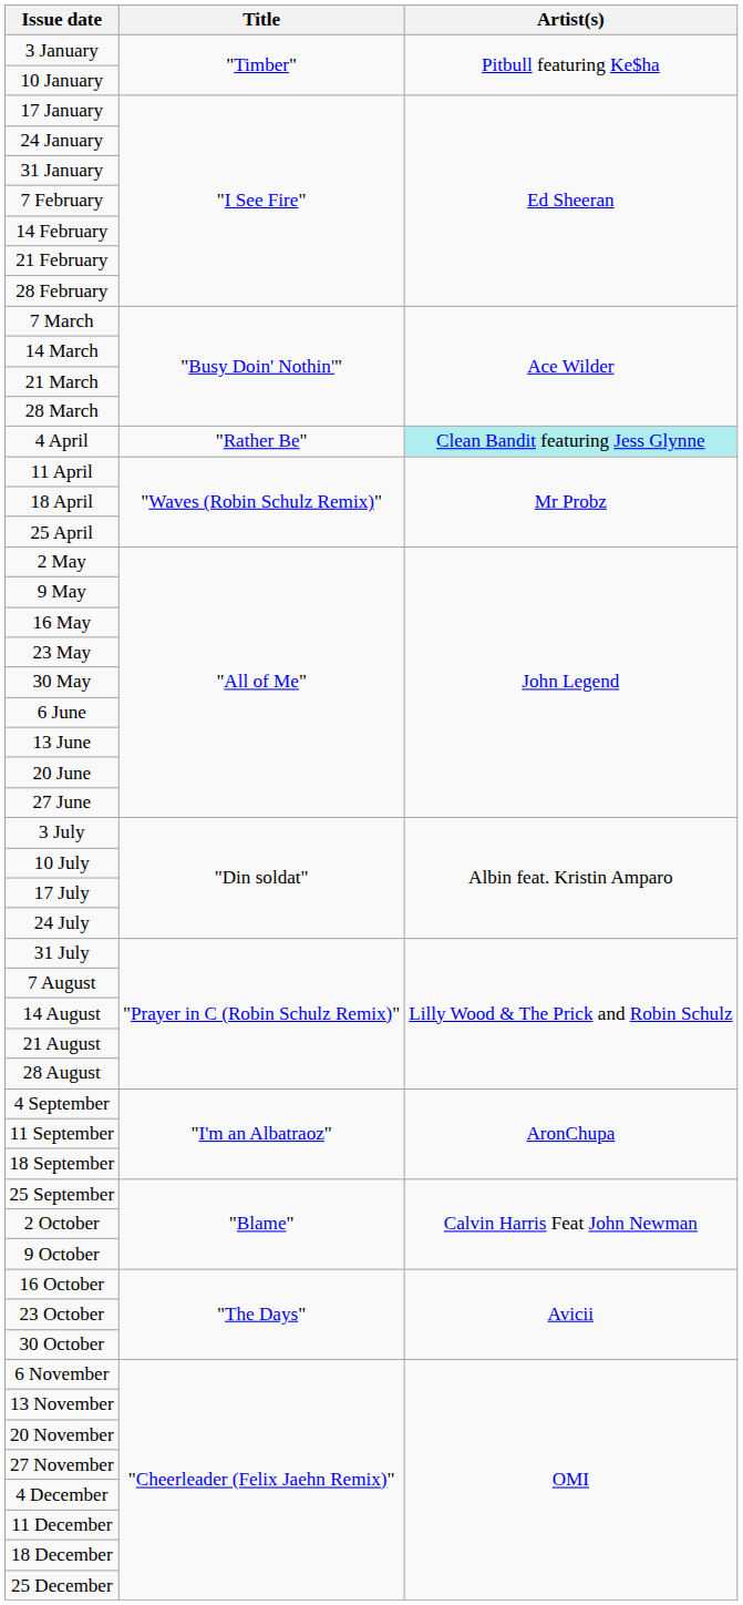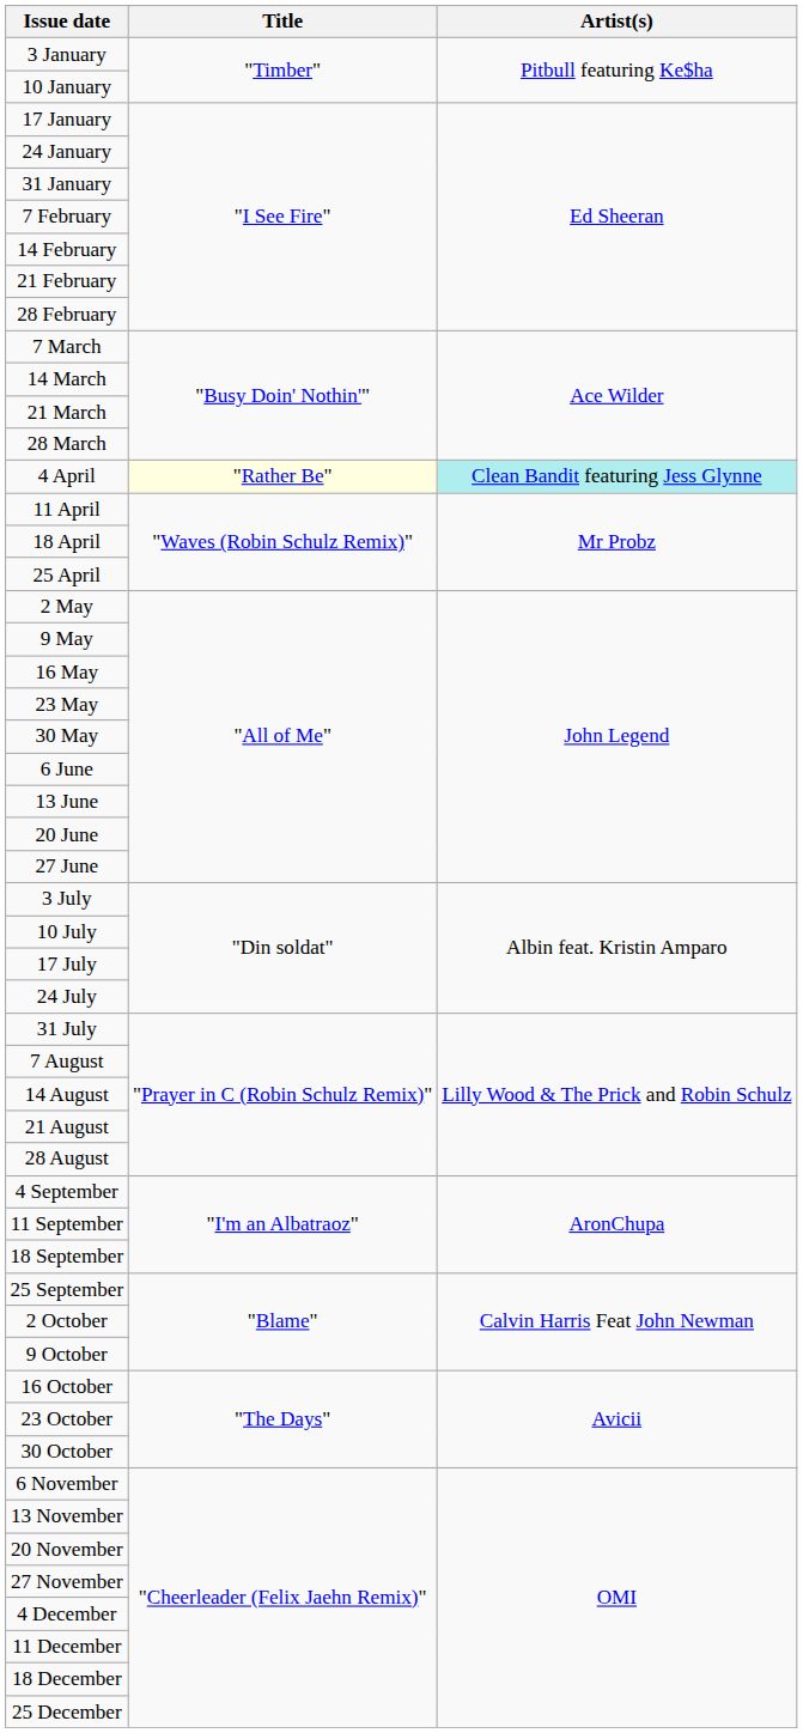 <table class="wikitable" style="text-align:center;">
 <tr>
 <th>Issue date</th>
 <th>Title</th>
 <th>Artist(s)</th>
 </tr>
 <tr>
 <td>3 January</td>
 <td rowspan='2'>"<a href='#'>Timber</a>"</td>
 <td rowspan='2'><a href='#'>Pitbull</a> featuring <a href='#'>Ke$ha</a></td>
 </tr>
 <tr>
 <td>10 January</td>
 </tr>
 <tr>
 <td>17 January</td>
 <td rowspan='7'>"<a href='#'>I See Fire</a>"</td>
 <td rowspan='7'><a href='#'>Ed Sheeran</a></td>
 </tr>
 <tr>
 <td>24 January</td>
 </tr>
 <tr>
 <td>31 January</td>
 </tr>
 <tr>
 <td>7 February</td>
 </tr>
 <tr>
 <td>14 February</td>
 </tr>
 <tr>
 <td>21 February</td>
 </tr>
 <tr>
 <td>28 February</td>
 </tr>
 <tr>
 <td>7 March</td>
 <td rowspan='4'>"<a href='#'>Busy Doin' Nothin'</a>"</td>
 <td rowspan='4'><a href='#'>Ace Wilder</a></td>
 </tr>
 <tr>
 <td>14 March</td>
 </tr>
 <tr>
 <td>21 March</td>
 </tr>
 <tr>
 <td>28 March</td>
 </tr>
 <tr>
 <td>4 April</td>
-<td>"<a href='#'>Rather Be</a>"</td>
+<td style="background: lightyellow;">"<a href='#'>Rather Be</a>"</td>
 <td style="background: paleturquoise;"><a href='#'>Clean Bandit</a> featuring <a href='#'>Jess Glynne</a></td>
 </tr>
 <tr>
 <td>11 April</td>
 <td rowspan='3'>"<a href='#'>Waves (Robin Schulz Remix)</a>"</td>
 <td rowspan='3'><a href='#'>Mr Probz</a></td>
 </tr>
 <tr>
 <td>18 April</td>
 </tr>
 <tr>
 <td>25 April</td>
 </tr>
 <tr>
 <td>2 May</td>
 <td rowspan='9'>"<a href='#'>All of Me</a>"</td>
 <td rowspan='9'><a href='#'>John Legend</a></td>
 </tr>
 <tr>
 <td>9 May</td>
 </tr>
 <tr>
 <td>16 May</td>
 </tr>
 <tr>
 <td>23 May</td>
 </tr>
 <tr>
 <td>30 May</td>
 </tr>
 <tr>
 <td>6 June</td>
 </tr>
 <tr>
 <td>13 June</td>
 </tr>
 <tr>
 <td>20 June</td>
 </tr>
 <tr>
 <td>27 June</td>
 </tr>
 <tr>
 <td>3 July</td>
 <td rowspan='4'>"Din soldat"</td>
 <td rowspan='4'>Albin feat. Kristin Amparo</td>
 </tr>
 <tr>
 <td>10 July</td>
 </tr>
 <tr>
 <td>17 July</td>
 </tr>
 <tr>
 <td>24 July</td>
 </tr>
 <tr>
 <td>31 July</td>
 <td rowspan='5'>"<a href='#'>Prayer in C (Robin Schulz Remix)</a>"</td>
 <td rowspan='5'><a href='#'>Lilly Wood & The Prick</a> and <a href='#'>Robin Schulz</a></td>
 </tr>
 <tr>
 <td>7 August</td>
 </tr>
 <tr>
 <td>14 August</td>
 </tr>
 <tr>
 <td>21 August</td>
 </tr>
 <tr>
 <td>28 August</td>
 </tr>
 <tr>
 <td>4 September</td>
 <td rowspan='3'>"<a href='#'>I'm an Albatraoz</a>"</td>
 <td rowspan='3'><a href='#'>AronChupa</a></td>
 </tr>
 <tr>
 <td>11 September</td>
 </tr>
 <tr>
 <td>18 September</td>
 </tr>
 <tr>
 <td>25 September</td>
 <td rowspan='3'>"<a href='#'>Blame</a>"</td>
 <td rowspan='3'><a href='#'>Calvin Harris</a> Feat <a href='#'>John Newman</a></td>
 </tr>
 <tr>
 <td>2 October</td>
 </tr>
 <tr>
 <td>9 October</td>
 </tr>
 <tr>
 <td>16 October</td>
 <td rowspan='3'>"<a href='#'>The Days</a>"</td>
 <td rowspan='3'><a href='#'>Avicii</a></td>
 </tr>
 <tr>
 <td>23 October</td>
 </tr>
 <tr>
 <td>30 October</td>
 </tr>
 <tr>
 <td>6 November</td>
 <td rowspan='8'>"<a href='#'>Cheerleader (Felix Jaehn Remix)</a>"</td>
 <td rowspan='8'><a href='#'>OMI</a></td>
 </tr>
 <tr>
 <td>13 November</td>
 </tr>
 <tr>
 <td>20 November</td>
 </tr>
 <tr>
 <td>27 November</td>
 </tr>
 <tr>
 <td>4 December</td>
 </tr>
 <tr>
 <td>11 December</td>
 </tr>
 <tr>
 <td>18 December</td>
 </tr>
 <tr>
 <td>25 December</td>
 </tr>
 </table>
